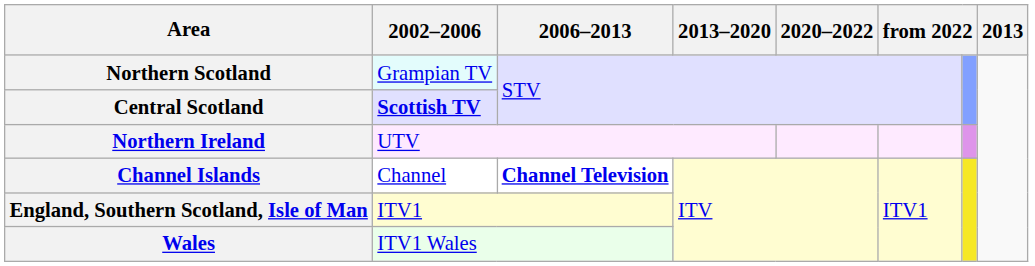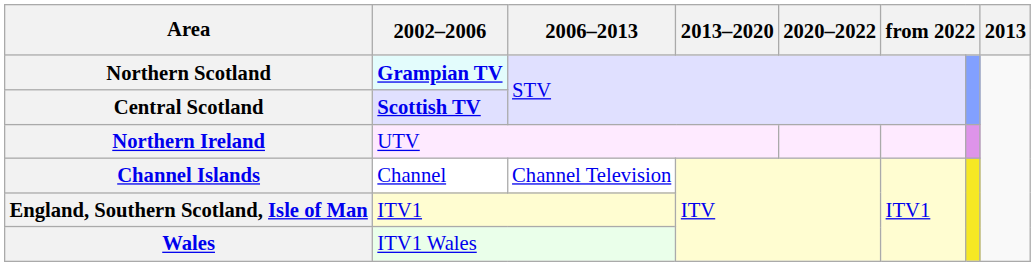 <table class="wikitable" style="line-height:120%;">
 <tr>
 <th scope="row" style="line-height:200%;">Area</th>
 <th>2002–2006</th>
 <th>2006–2013</th>
 <th>2013–2020</th>
 <th>2020–2022</th>
 <th colspan="2">from 2022</th>
 <th>2013</th>
 </tr>
 <tr>
 <th scope="row">Northern Scotland</th>
-<td style="background:#e3fcfc;"><a href='#'>Grampian TV</a></td>
+<td style="background:#e3fcfc;"><strong><a href='#'>Grampian TV</a></strong></td>
 <td rowspan="2" colspan="4" style="background:#e0e0ff;"><a href='#'>STV</a></td>
 <td rowspan="2" style="background-color:#82a0ff;"></td>
 <td rowspan="6"></td>
 </tr>
 <tr>
 <th scope="row">Central Scotland</th>
 <td style="background:#e0e0ff;"><strong><a href='#'>Scottish TV</a></strong></td>
 </tr>
 <tr>
 <th scope="row"><a href='#'>Northern Ireland</a></th>
 <td colspan="3" style="background:#feeaff;"><a href='#'>UTV</a></td>
 <td style="background:#feeaff;"></td>
 <td style="background:#feeaff;"></td>
 <td style="background-color:#de94ea;"></td>
 </tr>
 <tr>
 <th scope="row"><a href='#'>Channel Islands</a></th>
 <td style="background-color:white;"><a href='#'>Channel</a></td>
-<td style="background-color:white;"><strong><a href='#'> Channel Television</a></strong></td>
+<td style="background-color:white;"><a href='#'> Channel Television</a></td>
 <td colspan="2" rowspan="3" style="background-color:#fffdd1;"><a href='#'>ITV</a></td>
 <td rowspan="3" style="background-color:#fffdd1;"><a href='#'>ITV1</a></td>
 <td rowspan="3" style="background-color:#f6e824;"></td>
 </tr>
 <tr>
 <th scope="row">England, Southern Scotland, <a href='#'>Isle of Man</a></th>
 <td colspan="2" style="background-color:#fffdd1;"><a href='#'>ITV1</a></td>
 </tr>
 <tr>
 <th scope="row"><a href='#'>Wales</a></th>
 <td colspan="2" style="background-color:#eaffea;"><a href='#'>ITV1 Wales</a></td>
 </tr>
 </table>
